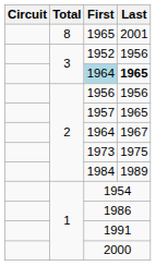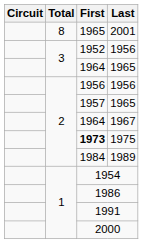 <table class="sortable wikitable" style="text-align:center">
 <tr>
 <th>Circuit</th>
 <th>Total</th>
 <th>First</th>
 <th>Last</th>
 </tr>
 <tr>
 <td align="left"></td>
 <td>8</td>
 <td>1965</td>
 <td>2001</td>
 </tr>
 <tr>
 <td align="left"></td>
 <td rowspan="2">3</td>
 <td>1952</td>
 <td>1956</td>
 </tr>
 <tr>
 <td align="left"></td>
-<td style="background: lightblue;">1964</td>
-<td><strong>1965</strong></td>
+<td>1964</td>
+<td>1965</td>
 </tr>
 <tr>
 <td align="left"></td>
 <td rowspan="5">2</td>
 <td>1956</td>
 <td>1956</td>
 </tr>
 <tr>
 <td align="left"></td>
 <td>1957</td>
 <td>1965</td>
 </tr>
 <tr>
 <td align="left"></td>
 <td>1964</td>
 <td>1967</td>
 </tr>
 <tr>
 <td align="left"></td>
-<td>1973</td>
+<td><strong>1973</strong></td>
 <td>1975</td>
 </tr>
 <tr>
 <td align="left"></td>
 <td>1984</td>
 <td>1989</td>
 </tr>
 <tr>
 <td align="left"></td>
 <td rowspan="4">1</td>
 <td colspan="2">1954</td>
 </tr>
 <tr>
 <td align="left"></td>
 <td colspan="2">1986</td>
 </tr>
 <tr>
 <td align="left"></td>
 <td colspan="2">1991</td>
 </tr>
 <tr>
 <td align="left"></td>
 <td colspan="2">2000</td>
 </tr>
 </table>
